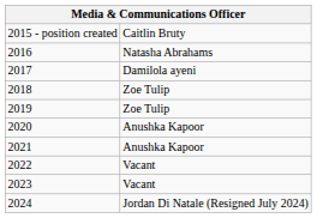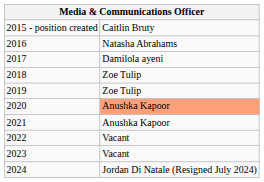 <table class="wikitable mw-collapsible mw-collapsed">
 <tr>
 <th colspan=4>Media & Communications Officer</th>
 </tr>
 <tr>
 <td>2015 - position created</td>
 <td>Caitlin Bruty</td>
 </tr>
 <tr>
 <td>2016</td>
 <td>Natasha Abrahams</td>
 </tr>
 <tr>
 <td>2017</td>
 <td>Damilola ayeni</td>
 </tr>
 <tr>
 <td>2018</td>
 <td>Zoe Tulip</td>
 </tr>
 <tr>
 <td>2019</td>
 <td>Zoe Tulip</td>
 </tr>
 <tr>
 <td>2020</td>
-<td>Anushka Kapoor</td>
+<td style="background: lightsalmon;">Anushka Kapoor</td>
 </tr>
 <tr>
 <td>2021</td>
 <td>Anushka Kapoor</td>
 </tr>
 <tr>
 <td>2022</td>
 <td>Vacant</td>
 </tr>
 <tr>
 <td>2023</td>
 <td>Vacant</td>
 </tr>
 <tr>
 <td>2024</td>
 <td>Jordan Di Natale (Resigned July 2024)</td>
 </tr>
 </table>
